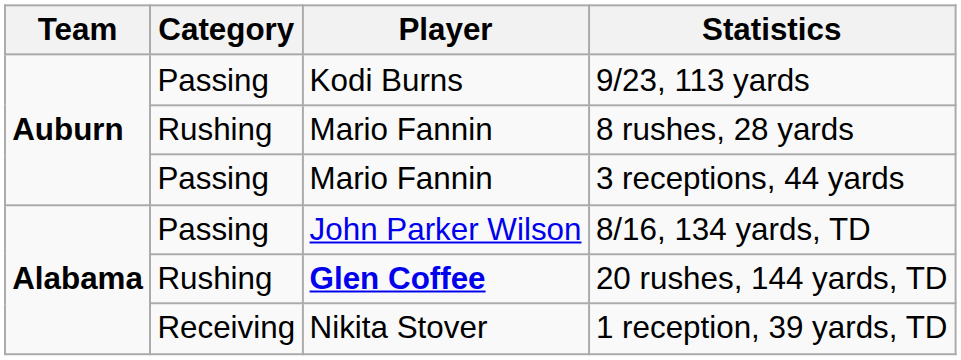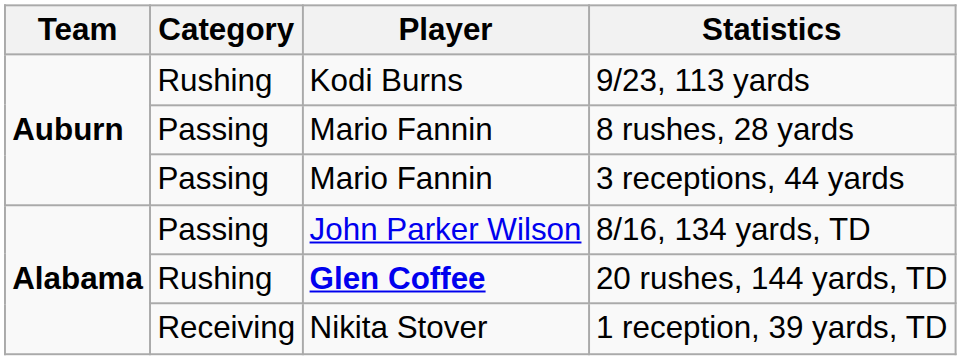 <table class="wikitable" style="float: left;">
 <tr>
 <th>Team</th>
 <th>Category</th>
 <th>Player</th>
 <th>Statistics</th>
 </tr>
 <tr>
 <td rowspan=3><strong>Auburn</strong></td>
-<td>Passing</td>
+<td>Rushing</td>
 <td>Kodi Burns</td>
 <td>9/23, 113 yards</td>
 </tr>
 <tr>
-<td>Rushing</td>
+<td>Passing</td>
 <td>Mario Fannin</td>
 <td>8 rushes, 28 yards</td>
 </tr>
 <tr>
 <td>Passing</td>
 <td>Mario Fannin</td>
 <td>3 receptions, 44 yards</td>
 </tr>
 <tr>
 <td rowspan=3><strong>Alabama</strong></td>
 <td>Passing</td>
 <td><a href='#'>John Parker Wilson</a></td>
 <td>8/16, 134 yards, TD</td>
 </tr>
 <tr>
 <td>Rushing</td>
 <td><strong><a href='#'>Glen Coffee</a></strong></td>
 <td>20 rushes, 144 yards, TD</td>
 </tr>
 <tr>
 <td>Receiving</td>
 <td>Nikita Stover</td>
 <td>1 reception, 39 yards, TD</td>
 </tr>
 </table>
